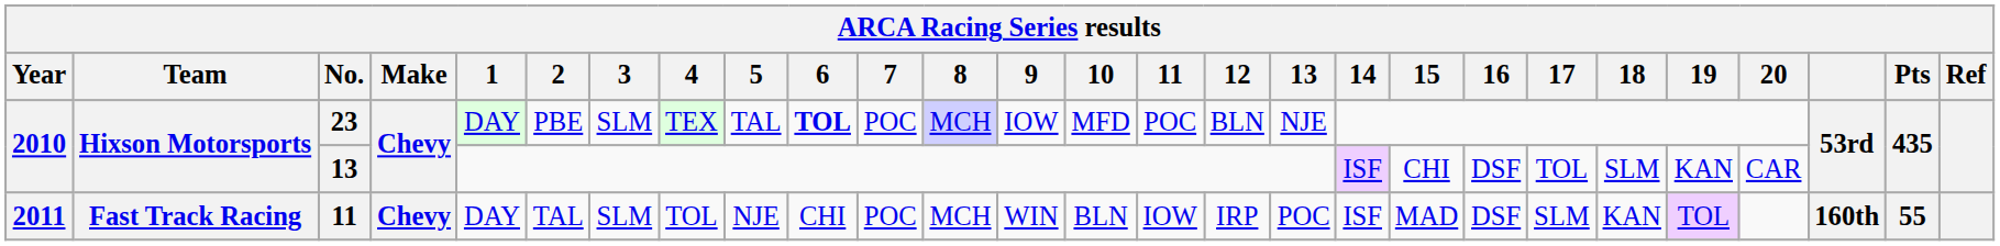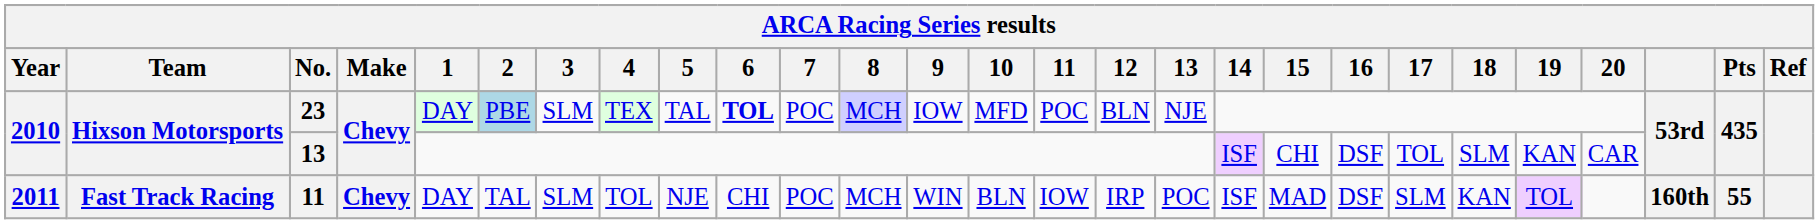 <table class="wikitable" style="text-align:center; font-size:75%">
 <tr>
 <th colspan=48><a href='#'>ARCA Racing Series</a> results</th>
 </tr>
 <tr>
 <th>Year</th>
 <th>Team</th>
 <th>No.</th>
 <th>Make</th>
 <th>1</th>
 <th>2</th>
 <th>3</th>
 <th>4</th>
 <th>5</th>
 <th>6</th>
 <th>7</th>
 <th>8</th>
 <th>9</th>
 <th>10</th>
 <th>11</th>
 <th>12</th>
 <th>13</th>
 <th>14</th>
 <th>15</th>
 <th>16</th>
 <th>17</th>
 <th>18</th>
 <th>19</th>
 <th>20</th>
 <th></th>
 <th>Pts</th>
 <th>Ref</th>
 </tr>
 <tr>
 <th rowspan=2><a href='#'>2010</a></th>
 <th rowspan=2><a href='#'>Hixson Motorsports</a></th>
 <th>23</th>
 <th rowspan=2><a href='#'>Chevy</a></th>
 <td style="background:#DFFFDF;"><a href='#'>DAY</a><br></td>
-<td><a href='#'>PBE</a></td>
+<td style="background: lightblue;"><a href='#'>PBE</a></td>
 <td><a href='#'>SLM</a></td>
 <td style="background:#DFFFDF;"><a href='#'>TEX</a><br></td>
 <td><a href='#'>TAL</a></td>
 <td><strong><a href='#'>TOL</a></strong></td>
 <td><a href='#'>POC</a></td>
 <td style="background:#CFCFFF;"><a href='#'>MCH</a><br></td>
 <td><a href='#'>IOW</a></td>
 <td><a href='#'>MFD</a></td>
 <td><a href='#'>POC</a></td>
 <td><a href='#'>BLN</a></td>
 <td><a href='#'>NJE</a></td>
 <td colspan=7></td>
 <th rowspan=2>53rd</th>
 <th rowspan=2>435</th>
 <th rowspan=2></th>
 </tr>
 <tr>
 <th>13</th>
 <td colspan=13></td>
 <td style="background:#EFCFFF;"><a href='#'>ISF</a><br></td>
 <td><a href='#'>CHI</a></td>
 <td><a href='#'>DSF</a></td>
 <td><a href='#'>TOL</a></td>
 <td><a href='#'>SLM</a></td>
 <td><a href='#'>KAN</a></td>
 <td><a href='#'>CAR</a></td>
 </tr>
 <tr>
 <th><a href='#'>2011</a></th>
 <th><a href='#'>Fast Track Racing</a></th>
 <th>11</th>
 <th><a href='#'>Chevy</a></th>
 <td><a href='#'>DAY</a></td>
 <td><a href='#'>TAL</a></td>
 <td><a href='#'>SLM</a></td>
 <td><a href='#'>TOL</a></td>
 <td><a href='#'>NJE</a></td>
 <td><a href='#'>CHI</a></td>
 <td><a href='#'>POC</a></td>
 <td><a href='#'>MCH</a></td>
 <td><a href='#'>WIN</a></td>
 <td><a href='#'>BLN</a></td>
 <td><a href='#'>IOW</a></td>
 <td><a href='#'>IRP</a></td>
 <td><a href='#'>POC</a></td>
 <td><a href='#'>ISF</a></td>
 <td><a href='#'>MAD</a></td>
 <td><a href='#'>DSF</a></td>
 <td><a href='#'>SLM</a></td>
 <td><a href='#'>KAN</a></td>
 <td style="background:#EFCFFF;"><a href='#'>TOL</a><br></td>
 <td></td>
 <th>160th</th>
 <th>55</th>
 <th></th>
 </tr>
 </table>
